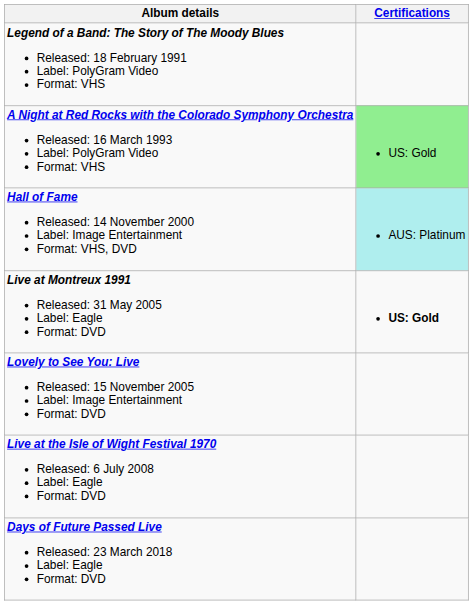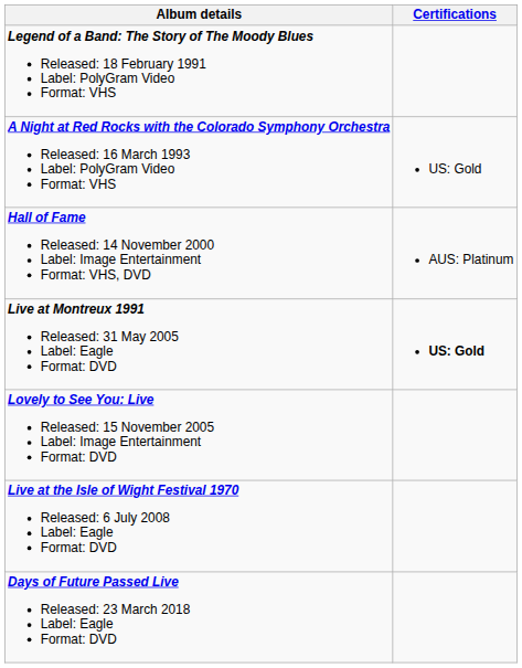 <table class="wikitable">
 <tr>
 <th scope="col">Album details</th>
 <th scope="col"><a href='#'>Certifications</a></th>
 </tr>
 <tr>
 <td><strong><em>Legend of a Band: The Story of The Moody Blues</em></strong><br><ul><li>Released: 18 February 1991</li><li>Label: PolyGram Video</li><li>Format: VHS</li></ul></td>
 </tr>
 <tr>
 <td><strong><em><a href='#'>A Night at Red Rocks with the Colorado Symphony Orchestra</a></em></strong><br><ul><li>Released: 16 March 1993</li><li>Label: PolyGram Video</li><li>Format: VHS</li></ul></td>
-<td style="background: lightgreen;"><br><ul><li>US: Gold</li></ul></td>
+<td><br><ul><li>US: Gold</li></ul></td>
 </tr>
 <tr>
 <td><strong><em><a href='#'>Hall of Fame</a></em></strong><br><ul><li>Released: 14 November 2000</li><li>Label: Image Entertainment</li><li>Format: VHS, DVD</li></ul></td>
-<td style="background: paleturquoise;"><br><ul><li>AUS: Platinum</li></ul></td>
+<td><br><ul><li>AUS: Platinum</li></ul></td>
 </tr>
 <tr>
 <td><strong><em>Live at Montreux 1991</em></strong><br><ul><li>Released: 31 May 2005</li><li>Label: Eagle</li><li>Format: DVD</li></ul></td>
 <td><strong><br><ul><li>US: Gold</li></ul></strong></td>
 </tr>
 <tr>
 <td><strong><em><a href='#'>Lovely to See You: Live</a></em></strong><br><ul><li>Released: 15 November 2005</li><li>Label: Image Entertainment</li><li>Format: DVD</li></ul></td>
 <td></td>
 </tr>
 <tr>
 <td><strong><em><a href='#'>Live at the Isle of Wight Festival 1970</a></em></strong><br><ul><li>Released: 6 July 2008</li><li>Label: Eagle</li><li>Format: DVD</li></ul></td>
 <td></td>
 </tr>
 <tr>
 <td><strong><em><a href='#'>Days of Future Passed Live</a></em></strong><br><ul><li>Released: 23 March 2018</li><li>Label: Eagle</li><li>Format: DVD</li></ul></td>
 <td></td>
 </tr>
 </table>
